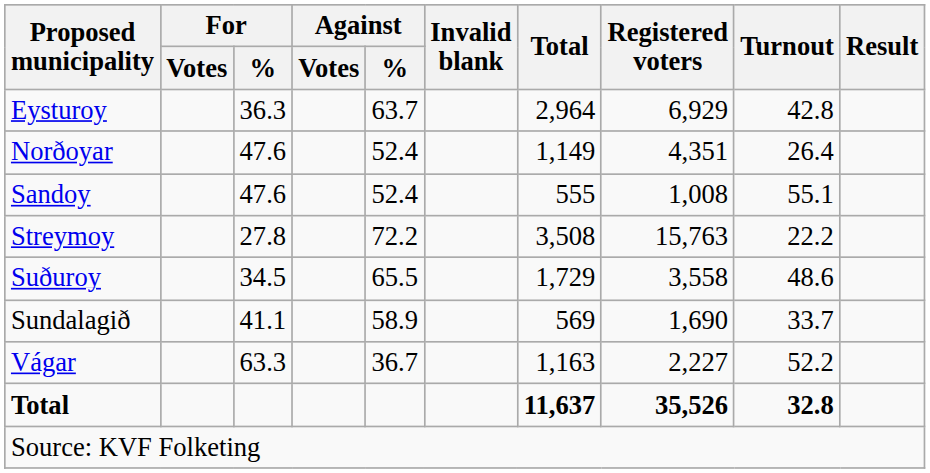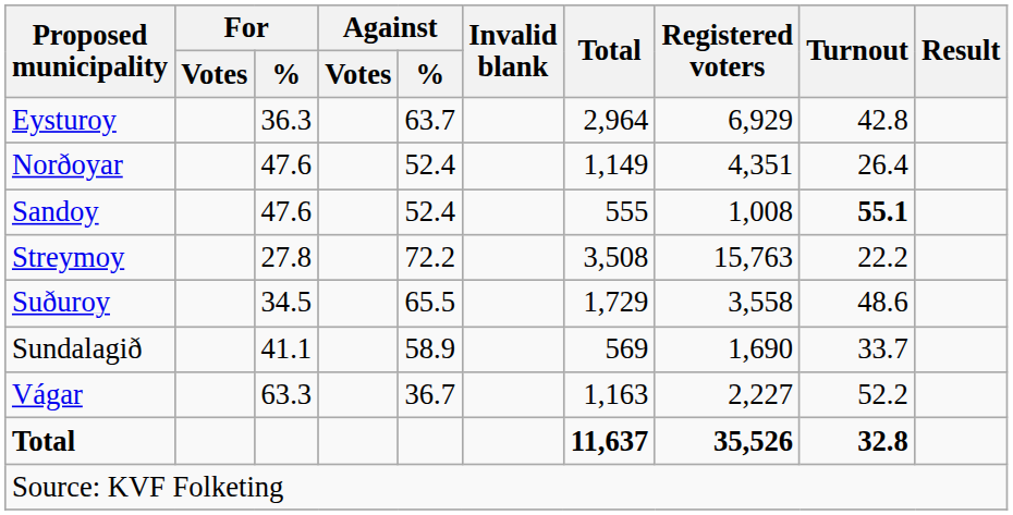 <table class=wikitable style=text-align:right>
 <tr>
 <th rowspan=2>Proposed<br>municipality</th>
 <th colspan=2>For</th>
 <th colspan=2>Against</th>
 <th rowspan=2>Invalid<br>blank</th>
 <th rowspan=2>Total</th>
 <th rowspan=2>Registered<br>voters</th>
 <th rowspan=2>Turnout</th>
 <th rowspan=2>Result</th>
 </tr>
 <tr>
 <th>Votes</th>
 <th>%</th>
 <th>Votes</th>
 <th>%</th>
 </tr>
 <tr>
 <td align=left><a href='#'>Eysturoy</a></td>
 <td></td>
 <td>36.3</td>
 <td></td>
 <td>63.7</td>
 <td></td>
 <td>2,964</td>
 <td>6,929</td>
 <td>42.8</td>
 <td></td>
 </tr>
 <tr>
 <td align=left><a href='#'>Norðoyar</a></td>
 <td></td>
 <td>47.6</td>
 <td></td>
 <td>52.4</td>
 <td></td>
 <td>1,149</td>
 <td>4,351</td>
 <td>26.4</td>
 <td></td>
 </tr>
 <tr>
 <td align=left><a href='#'>Sandoy</a></td>
 <td></td>
 <td>47.6</td>
 <td></td>
 <td>52.4</td>
 <td></td>
 <td>555</td>
 <td>1,008</td>
-<td>55.1</td>
+<td><strong>55.1</strong></td>
 <td></td>
 </tr>
 <tr>
 <td align=left><a href='#'>Streymoy</a></td>
 <td></td>
 <td>27.8</td>
 <td></td>
 <td>72.2</td>
 <td></td>
 <td>3,508</td>
 <td>15,763</td>
 <td>22.2</td>
 <td></td>
 </tr>
 <tr>
 <td align=left><a href='#'>Suðuroy</a></td>
 <td></td>
 <td>34.5</td>
 <td></td>
 <td>65.5</td>
 <td></td>
 <td>1,729</td>
 <td>3,558</td>
 <td>48.6</td>
 <td></td>
 </tr>
 <tr>
 <td align=left>Sundalagið</td>
 <td></td>
 <td>41.1</td>
 <td></td>
 <td>58.9</td>
 <td></td>
 <td>569</td>
 <td>1,690</td>
 <td>33.7</td>
 <td></td>
 </tr>
 <tr>
 <td align=left><a href='#'>Vágar</a></td>
 <td></td>
 <td>63.3</td>
 <td></td>
 <td>36.7</td>
 <td></td>
 <td>1,163</td>
 <td>2,227</td>
 <td>52.2</td>
 <td></td>
 </tr>
 <tr>
 <td align=left><strong>Total</strong></td>
 <td></td>
 <td></td>
 <td></td>
 <td></td>
 <td></td>
 <td><strong>11,637</strong></td>
 <td><strong>35,526</strong></td>
 <td><strong>32.8</strong></td>
 <td></td>
 </tr>
 <tr>
 <td align=left colspan=10>Source: KVF Folketing</td>
 </tr>
 </table>
